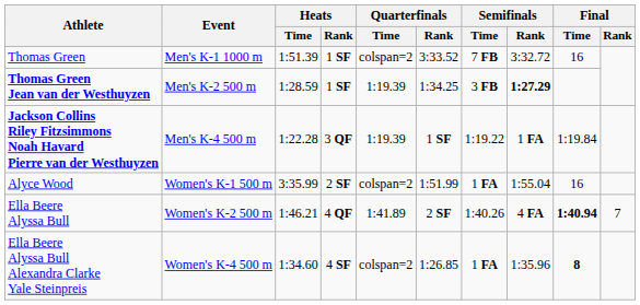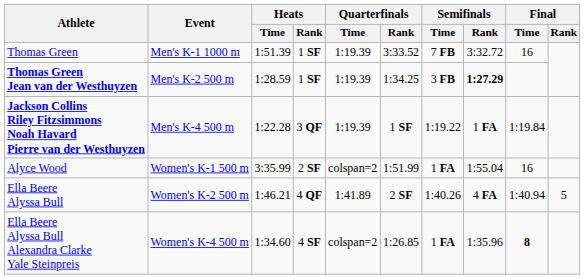 <table class=wikitable style=font-size:90%;text-align:center>
 <tr>
 <th rowspan=2>Athlete</th>
 <th rowspan=2>Event</th>
 <th colspan=2>Heats</th>
 <th colspan=2>Quarterfinals</th>
 <th colspan=2>Semifinals</th>
 <th colspan=2>Final</th>
 </tr>
 <tr style=font-size:95%>
 <th>Time</th>
 <th>Rank</th>
 <th>Time</th>
 <th>Rank</th>
 <th>Time</th>
 <th>Rank</th>
 <th>Time</th>
 <th>Rank</th>
 </tr>
 <tr>
 <td align=left><a href='#'>Thomas Green</a></td>
 <td align=left><a href='#'>Men's K-1 1000 m</a></td>
 <td>1:51.39</td>
 <td>1 <strong>SF</strong></td>
-<td>colspan=2 </td>
+<td>1:19.39</td>
 <td>3:33.52</td>
 <td>7 <strong>FB</strong></td>
 <td>3:32.72</td>
 <td>16</td>
 </tr>
 <tr>
 <td align=left><strong><a href='#'>Thomas Green</a><br><a href='#'>Jean van der Westhuyzen</a></strong></td>
 <td align=left><a href='#'>Men's K-2 500 m</a></td>
 <td>1:28.59</td>
 <td>1 <strong>SF</strong></td>
 <td>1:19.39</td>
 <td>1:34.25</td>
 <td>3 <strong>FB</strong></td>
 <td><strong>1:27.29</strong></td>
 <td></td>
 </tr>
 <tr>
 <td align=left><strong><a href='#'>Jackson Collins</a><br><a href='#'>Riley Fitzsimmons</a><br><a href='#'>Noah Havard</a><br><a href='#'>Pierre van der Westhuyzen</a></strong></td>
 <td align=left><a href='#'>Men's K-4 500 m</a></td>
 <td>1:22.28</td>
 <td>3 <strong>QF</strong></td>
 <td>1:19.39</td>
 <td>1 <strong>SF</strong></td>
 <td>1:19.22</td>
 <td>1 <strong>FA</strong></td>
 <td>1:19.84</td>
 <td></td>
 </tr>
 <tr>
 <td align=left><a href='#'>Alyce Wood</a></td>
 <td align=left><a href='#'>Women's K-1 500 m</a></td>
 <td>3:35.99</td>
 <td>2 <strong>SF</strong></td>
 <td>colspan=2 </td>
 <td>1:51.99</td>
 <td>1 <strong>FA</strong></td>
 <td>1:55.04</td>
 <td>16</td>
 </tr>
 <tr>
 <td align=left><a href='#'>Ella Beere</a><br><a href='#'>Alyssa Bull</a></td>
 <td><a href='#'>Women's K-2 500 m</a></td>
 <td>1:46.21</td>
 <td>4 <strong>QF</strong></td>
 <td>1:41.89</td>
 <td>2 <strong>SF</strong></td>
 <td>1:40.26</td>
 <td>4 <strong>FA</strong></td>
-<td><strong>1:40.94</strong></td>
-<td>7</td>
+<td>1:40.94</td>
+<td>5</td>
 </tr>
 <tr>
 <td align=left><a href='#'>Ella Beere</a><br><a href='#'>Alyssa Bull</a><br><a href='#'>Alexandra Clarke</a><br><a href='#'>Yale Steinpreis</a></td>
 <td align=left><a href='#'>Women's K-4 500 m</a></td>
 <td>1:34.60</td>
 <td>4 <strong>SF</strong></td>
 <td>colspan=2 </td>
 <td>1:26.85</td>
 <td>1 <strong>FA</strong></td>
 <td>1:35.96</td>
 <td><strong>8</strong></td>
 </tr>
 </table>
